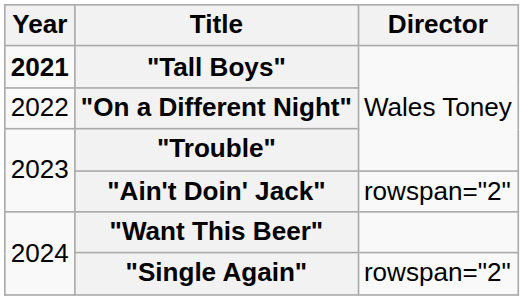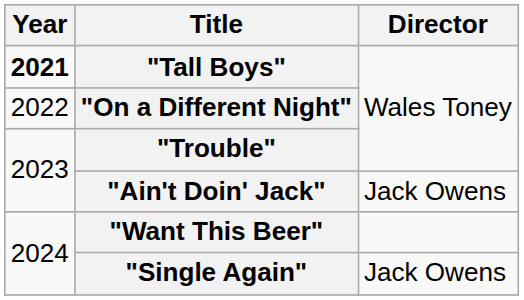 <table class="wikitable plainrowheaders">
 <tr>
 <th scope="col">Year</th>
 <th scope="col">Title</th>
 <th scope="col">Director</th>
 </tr>
 <tr>
 <td><strong>2021</strong></td>
 <th scope="row">"Tall Boys"</th>
 <td rowspan="3">Wales Toney</td>
 </tr>
 <tr>
 <td>2022</td>
 <th scope="row">"On a Different Night"</th>
 </tr>
 <tr>
 <td rowspan="2">2023</td>
 <th scope="row">"Trouble"</th>
 </tr>
 <tr>
 <th scope="row">"Ain't Doin' Jack"</th>
-<td>rowspan="2" </td>
+<td>Jack Owens</td>
 </tr>
 <tr>
 <td rowspan="2">2024</td>
 <th scope="row">"Want This Beer"</th>
 </tr>
 <tr>
 <th scope="row">"Single Again"</th>
-<td>rowspan="2" </td>
+<td>Jack Owens</td>
 </tr>
 </table>
